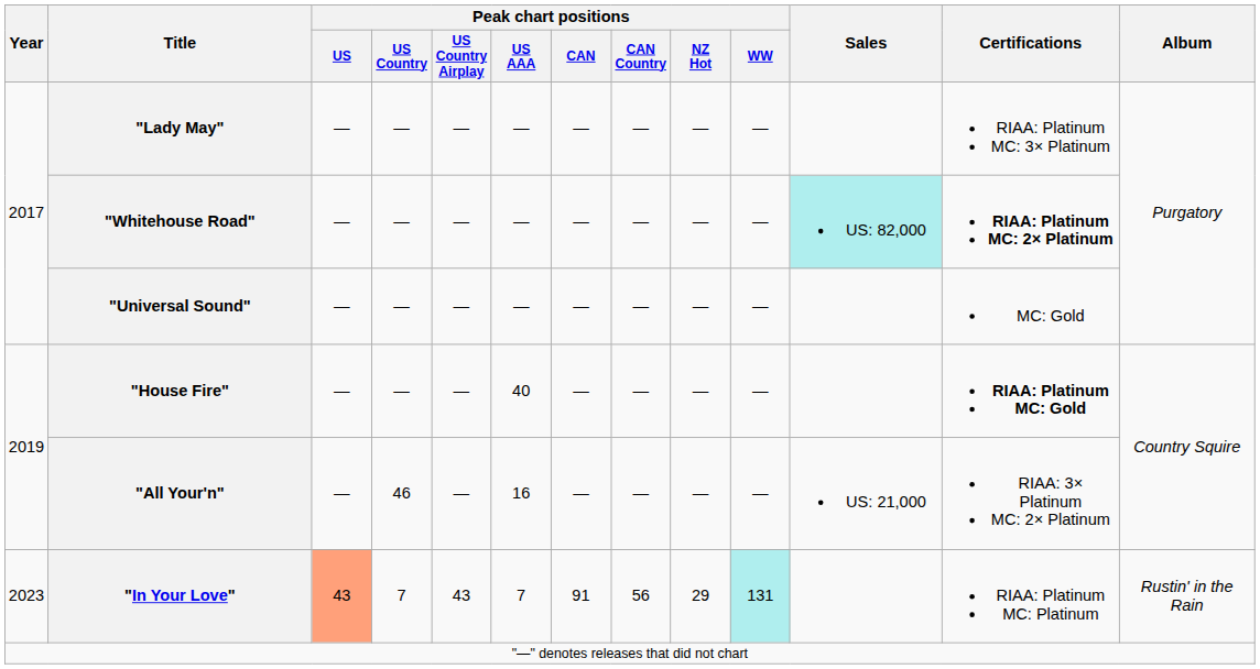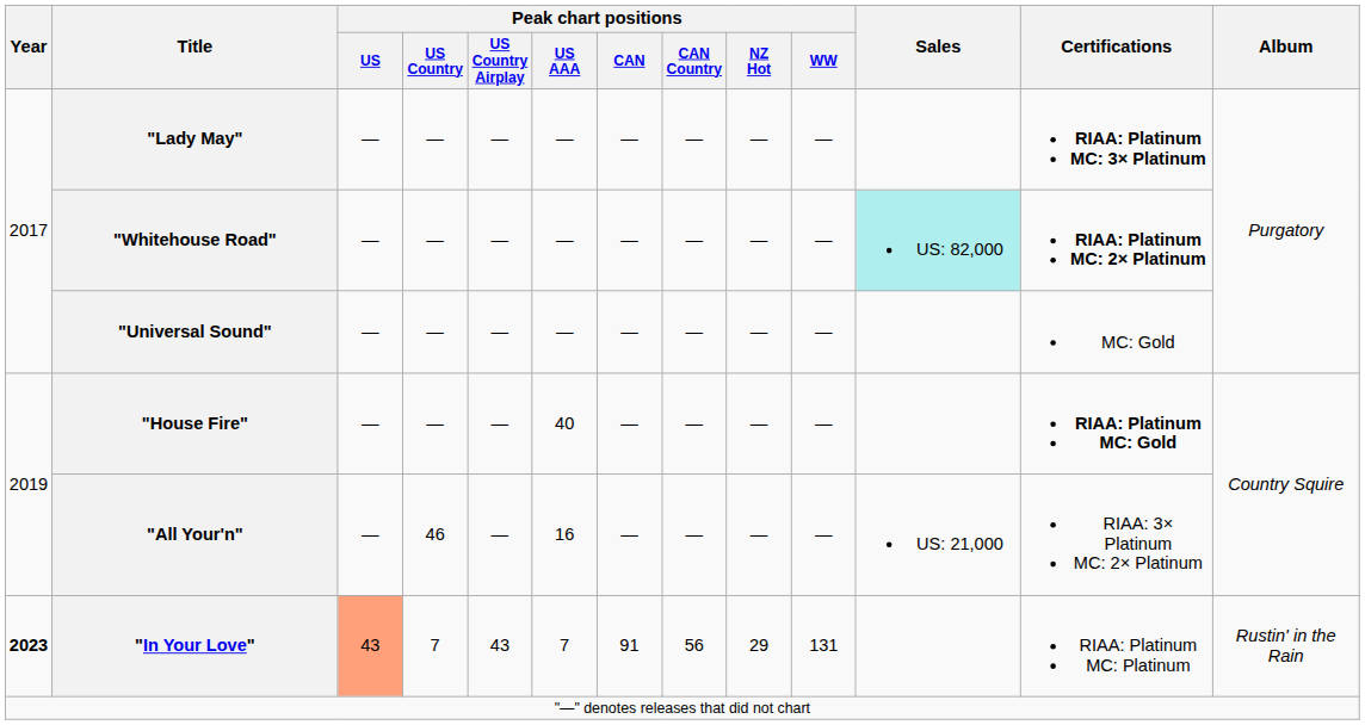 <table class="wikitable plainrowheaders" style="text-align:center;">
 <tr>
 <th rowspan="2">Year</th>
 <th rowspan="2" style="width:16em;">Title</th>
 <th colspan="8">Peak chart positions</th>
 <th rowspan="2" style="width:9em;">Sales</th>
 <th rowspan="2">Certifications</th>
 <th rowspan="2">Album</th>
 </tr>
 <tr style="font-size:smaller;">
 <th style="width:4em;"><a href='#'>US</a><br></th>
 <th style="width:4em;"><a href='#'>US Country</a><br></th>
 <th style="width:4em;"><a href='#'>US Country<br>Airplay</a><br></th>
 <th style="width:4em;"><a href='#'>US <br>AAA</a><br></th>
 <th style="width:4em;"><a href='#'>CAN</a><br></th>
 <th style="width:4em;"><a href='#'>CAN<br>Country</a><br></th>
 <th style="width:4em;"><a href='#'>NZ<br>Hot</a><br></th>
 <th style="width:4em;"><a href='#'>WW</a><br></th>
 </tr>
 <tr>
 <td rowspan="3">2017</td>
 <th scope="row">"Lady May"</th>
 <td>—</td>
 <td>—</td>
 <td>—</td>
 <td>—</td>
 <td>—</td>
 <td>—</td>
 <td>—</td>
 <td>—</td>
 <td></td>
-<td><br><ul><li>RIAA: Platinum</li><li>MC: 3× Platinum</li></ul></td>
+<td><strong><br><ul><li>RIAA: Platinum</li><li>MC: 3× Platinum</li></ul></strong></td>
 <td rowspan="3"><em>Purgatory</em></td>
 </tr>
 <tr>
 <th scope="row">"Whitehouse Road"</th>
 <td>—</td>
 <td>—</td>
 <td>—</td>
 <td>—</td>
 <td>—</td>
 <td>—</td>
 <td>—</td>
 <td>—</td>
 <td style="background: paleturquoise;"><br><ul><li>US: 82,000</li></ul></td>
 <td><strong><br><ul><li>RIAA: Platinum</li><li>MC: 2× Platinum</li></ul></strong></td>
 </tr>
 <tr>
 <th scope="row">"Universal Sound"</th>
 <td>—</td>
 <td>—</td>
 <td>—</td>
 <td>—</td>
 <td>—</td>
 <td>—</td>
 <td>—</td>
 <td>—</td>
 <td></td>
 <td><br><ul><li>MC: Gold</li></ul></td>
 </tr>
 <tr>
 <td rowspan="2">2019</td>
 <th scope="row">"House Fire"</th>
 <td>—</td>
 <td>—</td>
 <td>—</td>
 <td>40</td>
 <td>—</td>
 <td>—</td>
 <td>—</td>
 <td>—</td>
 <td></td>
 <td><strong><br><ul><li>RIAA: Platinum</li><li>MC: Gold</li></ul></strong></td>
 <td rowspan="2"><em>Country Squire</em></td>
 </tr>
 <tr>
 <th scope="row">"All Your'n"</th>
 <td>—</td>
 <td>46</td>
 <td>—</td>
 <td>16</td>
 <td>—</td>
 <td>—</td>
 <td>—</td>
 <td>—</td>
 <td><br><ul><li>US: 21,000</li></ul></td>
 <td><br><ul><li>RIAA: 3× Platinum</li><li>MC: 2× Platinum</li></ul></td>
 </tr>
 <tr>
-<td>2023</td>
+<td><strong>2023</strong></td>
 <th scope="row">"<a href='#'>In Your Love</a>"</th>
 <td style="background: lightsalmon;">43</td>
 <td>7</td>
 <td>43</td>
 <td>7</td>
 <td>91</td>
 <td>56</td>
 <td>29</td>
-<td style="background: paleturquoise;">131</td>
+<td>131</td>
 <td></td>
 <td><br><ul><li>RIAA: Platinum</li><li>MC: Platinum</li></ul></td>
 <td><em>Rustin' in the Rain</em></td>
 </tr>
 <tr>
 <td colspan="13" style="font-size:85%">"—" denotes releases that did not chart</td>
 </tr>
 </table>
